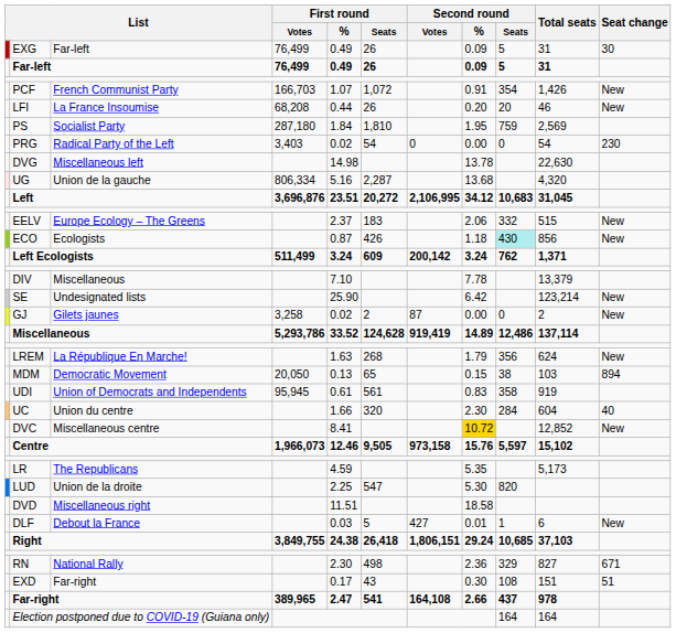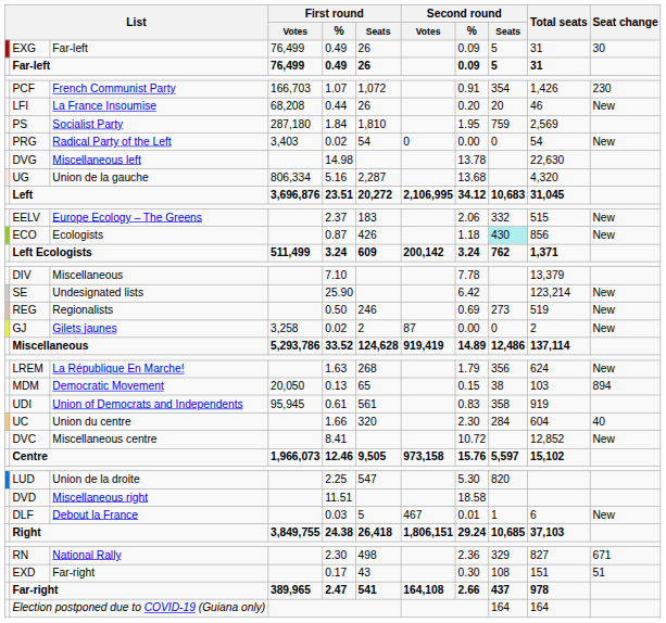 <table class="wikitable">
 <tr>
 <th colspan="3" rowspan="2">List</th>
 <th colspan="3">First round</th>
 <th colspan="3">Second round</th>
 <th rowspan="2">Total seats</th>
 <th rowspan="2">Seat change</th>
 </tr>
 <tr>
 <th><small>Votes</small></th>
 <th>%</th>
 <th><small>Seats</small></th>
 <th><small>Votes</small></th>
 <th>%</th>
 <th><small>Seats</small></th>
 </tr>
 <tr>
 <td style="background:#bb0000;"></td>
 <td>EXG</td>
 <td>Far-left</td>
 <td>76,499</td>
 <td>0.49</td>
 <td>26</td>
 <td></td>
 <td>0.09</td>
 <td>5</td>
 <td>31</td>
 <td> 30</td>
 </tr>
 <tr>
 <td></td>
 <td colspan="2"><strong>Far-left</strong></td>
 <td><strong>76,499</strong></td>
 <td><strong>0.49</strong></td>
 <td><strong>26</strong></td>
 <td><strong></strong></td>
 <td><strong>0.09</strong></td>
 <td><strong>5</strong></td>
 <td><strong>31</strong></td>
 <td></td>
 </tr>
 <tr>
 <td colspan="11"></td>
 </tr>
 <tr>
 <td style="background:"></td>
 <td>PCF</td>
 <td><a href='#'>French Communist Party</a></td>
 <td>166,703</td>
 <td>1.07</td>
 <td>1,072</td>
 <td></td>
 <td>0.91</td>
 <td>354</td>
 <td>1,426</td>
-<td>New</td>
+<td> 230</td>
 </tr>
 <tr>
 <td style="background:"></td>
 <td>LFI</td>
 <td><a href='#'>La France Insoumise</a></td>
 <td>68,208</td>
 <td>0.44</td>
 <td>26</td>
 <td></td>
 <td>0.20</td>
 <td>20</td>
 <td>46</td>
 <td>New</td>
 </tr>
 <tr>
 <td style="background:"></td>
 <td>PS</td>
 <td><a href='#'>Socialist Party</a></td>
 <td>287,180</td>
 <td>1.84</td>
 <td>1,810</td>
 <td></td>
 <td>1.95</td>
 <td>759</td>
 <td>2,569</td>
 <td> </td>
 </tr>
 <tr>
 <td style="background:"></td>
 <td>PRG</td>
 <td><a href='#'>Radical Party of the Left</a></td>
 <td>3,403</td>
 <td>0.02</td>
 <td>54</td>
 <td>0</td>
 <td>0.00</td>
 <td>0</td>
 <td>54</td>
-<td> 230</td>
+<td>New</td>
 </tr>
 <tr>
 <td style="background:"></td>
 <td>DVG</td>
 <td><a href='#'>Miscellaneous left</a></td>
 <td></td>
 <td>14.98</td>
 <td></td>
 <td></td>
 <td>13.78</td>
 <td></td>
 <td>22,630</td>
 <td> </td>
 </tr>
 <tr>
 <td style="background:#FFE5E5;"></td>
 <td>UG</td>
 <td>Union de la gauche</td>
 <td>806,334</td>
 <td>5.16</td>
 <td>2,287</td>
 <td></td>
 <td>13.68</td>
 <td></td>
 <td>4,320</td>
 <td> </td>
 </tr>
 <tr>
 <td></td>
 <td colspan="2"><strong>Left</strong></td>
 <td><strong>3,696,876</strong></td>
 <td><strong>23.51</strong></td>
 <td><strong>20,272</strong></td>
 <td><strong>2,106,995</strong></td>
 <td><strong>34.12</strong></td>
 <td><strong>10,683</strong></td>
 <td><strong>31,045</strong></td>
 <td></td>
 </tr>
 <tr>
 <td colspan="11"></td>
 </tr>
 <tr>
 <td style="background:"></td>
 <td>EELV</td>
 <td><a href='#'>Europe Ecology – The Greens</a></td>
 <td></td>
 <td>2.37</td>
 <td>183</td>
 <td></td>
 <td>2.06</td>
 <td>332</td>
 <td>515</td>
 <td>New</td>
 </tr>
 <tr>
 <td style="background:#93D013;"></td>
 <td>ECO</td>
 <td>Ecologists</td>
 <td></td>
 <td>0.87</td>
 <td>426</td>
 <td></td>
 <td>1.18</td>
 <td style="background: paleturquoise;">430</td>
 <td>856</td>
 <td>New</td>
 </tr>
 <tr>
 <td></td>
 <td colspan="2"><strong>Left Ecologists</strong></td>
 <td><strong>511,499</strong></td>
 <td><strong>3.24</strong></td>
 <td><strong>609</strong></td>
 <td><strong>200,142</strong></td>
 <td><strong>3.24</strong></td>
 <td><strong>762</strong></td>
 <td><strong>1,371</strong></td>
 <td></td>
 </tr>
 <tr>
 <td colspan="11"></td>
 </tr>
 <tr>
 <td style="background:"></td>
 <td>DIV</td>
 <td>Miscellaneous</td>
 <td></td>
 <td>7.10</td>
 <td></td>
 <td></td>
 <td>7.78</td>
 <td></td>
 <td>13,379</td>
 <td> </td>
 </tr>
 <tr>
 <td style="background:#cccccc;"></td>
 <td>SE</td>
 <td>Undesignated lists</td>
 <td></td>
 <td>25.90</td>
 <td></td>
 <td></td>
 <td>6.42</td>
 <td></td>
 <td>123,214</td>
 <td>New</td>
 </tr>
 <tr>
+<td style="background:#DCBFA3;"></td>
+<td>REG</td>
+<td>Regionalists</td>
+<td></td>
+<td>0.50</td>
+<td>246</td>
+<td></td>
+<td>0.69</td>
+<td>273</td>
+<td>519</td>
+<td>New</td>
+</tr>
+<tr>
 <td style="background:#E7F629;"></td>
 <td>GJ</td>
 <td><a href='#'>Gilets jaunes</a></td>
 <td>3,258</td>
 <td>0.02</td>
 <td>2</td>
 <td>87</td>
 <td>0.00</td>
 <td>0</td>
 <td>2</td>
 <td>New</td>
 </tr>
 <tr>
 <td></td>
 <td colspan="2"><strong>Miscellaneous</strong></td>
 <td><strong>5,293,786</strong></td>
 <td><strong>33.52</strong></td>
 <td><strong>124,628</strong></td>
 <td><strong>919,419</strong></td>
 <td><strong>14.89</strong></td>
 <td><strong>12,486</strong></td>
 <td><strong>137,114</strong></td>
 <td></td>
 </tr>
 <tr>
 <td colspan="11"></td>
 </tr>
 <tr>
 <td style="background:"></td>
 <td>LREM</td>
 <td><a href='#'>La République En Marche!</a></td>
 <td></td>
 <td>1.63</td>
 <td>268</td>
 <td></td>
 <td>1.79</td>
 <td>356</td>
 <td>624</td>
 <td>New</td>
 </tr>
 <tr>
 <td style="background:"></td>
 <td>MDM</td>
 <td><a href='#'>Democratic Movement</a></td>
 <td>20,050</td>
 <td>0.13</td>
 <td>65</td>
 <td></td>
 <td>0.15</td>
 <td>38</td>
 <td>103</td>
 <td> 894</td>
 </tr>
 <tr>
 <td style="background:"></td>
 <td>UDI</td>
 <td><a href='#'>Union of Democrats and Independents</a></td>
 <td>95,945</td>
 <td>0.61</td>
 <td>561</td>
 <td></td>
 <td>0.83</td>
 <td>358</td>
 <td>919</td>
 <td> </td>
 </tr>
 <tr>
 <td style="background:#FAC577;"></td>
 <td>UC</td>
 <td>Union du centre</td>
 <td></td>
 <td>1.66</td>
 <td>320</td>
 <td></td>
 <td>2.30</td>
 <td>284</td>
 <td>604</td>
 <td> 40</td>
 </tr>
 <tr>
 <td style="background:"></td>
 <td>DVC</td>
 <td>Miscellaneous centre</td>
 <td></td>
 <td>8.41</td>
 <td></td>
 <td></td>
-<td style="background: gold;">10.72</td>
+<td>10.72</td>
 <td></td>
 <td>12,852</td>
 <td>New</td>
 </tr>
 <tr>
 <td></td>
 <td colspan="2"><strong>Centre</strong></td>
 <td><strong>1,966,073</strong></td>
 <td><strong>12.46</strong></td>
 <td><strong>9,505</strong></td>
 <td><strong>973,158</strong></td>
 <td><strong>15.76</strong></td>
 <td><strong>5,597</strong></td>
 <td><strong>15,102</strong></td>
 <td></td>
 </tr>
 <tr>
 <td colspan="11"></td>
-</tr>
-<tr>
-<td style="background:"></td>
-<td>LR</td>
-<td><a href='#'>The Republicans</a></td>
-<td></td>
-<td>4.59</td>
-<td></td>
-<td></td>
-<td>5.35</td>
-<td></td>
-<td>5,173</td>
-<td> </td>
 </tr>
 <tr>
 <td style="background:#0073e6;"></td>
 <td>LUD</td>
 <td>Union de la droite</td>
 <td></td>
 <td>2.25</td>
 <td>547</td>
 <td></td>
 <td>5.30</td>
 <td>820</td>
 <td></td>
 <td> </td>
 </tr>
 <tr>
 <td style="background:"></td>
 <td>DVD</td>
 <td><a href='#'>Miscellaneous right</a></td>
 <td></td>
 <td>11.51</td>
 <td></td>
 <td></td>
 <td>18.58</td>
 <td></td>
 <td></td>
 <td> </td>
 </tr>
 <tr>
 <td style="background:"></td>
 <td>DLF</td>
 <td><a href='#'>Debout la France</a></td>
 <td></td>
 <td>0.03</td>
 <td>5</td>
-<td>427</td>
+<td>467</td>
 <td>0.01</td>
 <td>1</td>
 <td>6</td>
 <td>New</td>
 </tr>
 <tr>
 <td></td>
 <td colspan="2"><strong>Right</strong></td>
 <td><strong>3,849,755</strong></td>
 <td><strong>24.38</strong></td>
 <td><strong>26,418</strong></td>
 <td><strong>1,806,151</strong></td>
 <td><strong>29.24</strong></td>
 <td><strong>10,685</strong></td>
 <td><strong>37,103</strong></td>
 <td></td>
 </tr>
 <tr>
 <td colspan="11"></td>
 </tr>
 <tr>
 <td style="background:"></td>
 <td>RN</td>
 <td><a href='#'>National Rally</a></td>
 <td></td>
 <td>2.30</td>
 <td>498</td>
 <td></td>
 <td>2.36</td>
 <td>329</td>
 <td>827</td>
 <td> 671</td>
 </tr>
 <tr>
 <td style="background:"></td>
 <td>EXD</td>
 <td>Far-right</td>
 <td></td>
 <td>0.17</td>
 <td>43</td>
 <td></td>
 <td>0.30</td>
 <td>108</td>
 <td>151</td>
 <td> 51</td>
 </tr>
 <tr>
 <td></td>
 <td colspan="2"><strong>Far-right</strong></td>
 <td><strong>389,965</strong></td>
 <td><strong>2.47</strong></td>
 <td><strong>541</strong></td>
 <td><strong>164,108</strong></td>
 <td><strong>2.66</strong></td>
 <td><strong>437</strong></td>
 <td><strong>978</strong></td>
 <td></td>
 </tr>
 <tr>
 <td></td>
 <td colspan="2"><em>Election postponed due to <a href='#'>COVID-19</a> (Guiana only)</em></td>
 <td colspan="3"></td>
 <td colspan="2"></td>
 <td>164</td>
 <td>164</td>
 <td></td>
 </tr>
 </table>
